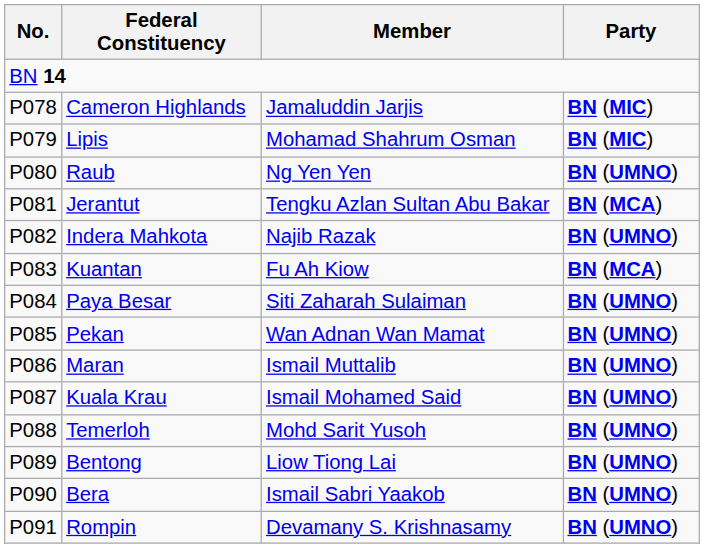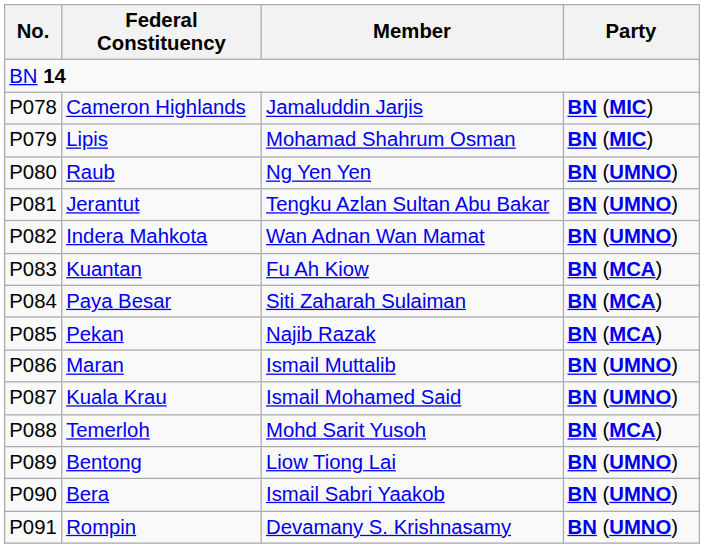 <table class="wikitable sortable">
 <tr>
 <th style="width:30px;">No.</th>
 <th style="width:150px;">Federal Constituency</th>
 <th style="width:230px;">Member</th>
 <th style="width:100px;">Party</th>
 </tr>
 <tr>
 <td colspan="4"><a href='#'>BN</a> <strong>14</strong></td>
 </tr>
 <tr>
 <td>P078</td>
 <td><a href='#'>Cameron Highlands</a></td>
 <td><a href='#'>Jamaluddin Jarjis</a></td>
 <td><strong><a href='#'>BN</a></strong> (<strong><a href='#'>MIC</a></strong>)</td>
 </tr>
 <tr>
 <td>P079</td>
 <td><a href='#'>Lipis</a></td>
 <td><a href='#'>Mohamad Shahrum Osman</a></td>
 <td><strong><a href='#'>BN</a></strong> (<strong><a href='#'>MIC</a></strong>)</td>
 </tr>
 <tr>
 <td>P080</td>
 <td><a href='#'>Raub</a></td>
 <td><a href='#'>Ng Yen Yen</a></td>
 <td><strong><a href='#'>BN</a></strong> (<strong><a href='#'>UMNO</a></strong>)</td>
 </tr>
 <tr>
 <td>P081</td>
 <td><a href='#'>Jerantut</a></td>
 <td><a href='#'>Tengku Azlan Sultan Abu Bakar</a></td>
-<td><strong><a href='#'>BN</a></strong> (<strong><a href='#'>MCA</a></strong>)</td>
+<td><strong><a href='#'>BN</a></strong> (<strong><a href='#'>UMNO</a></strong>)</td>
 </tr>
 <tr>
 <td>P082</td>
 <td><a href='#'>Indera Mahkota</a></td>
-<td><a href='#'>Najib Razak</a></td>
+<td><a href='#'>Wan Adnan Wan Mamat</a></td>
 <td><strong><a href='#'>BN</a></strong> (<strong><a href='#'>UMNO</a></strong>)</td>
 </tr>
 <tr>
 <td>P083</td>
 <td><a href='#'>Kuantan</a></td>
 <td><a href='#'>Fu Ah Kiow</a></td>
 <td><strong><a href='#'>BN</a></strong> (<strong><a href='#'>MCA</a></strong>)</td>
 </tr>
 <tr>
 <td>P084</td>
 <td><a href='#'>Paya Besar</a></td>
 <td><a href='#'>Siti Zaharah Sulaiman</a></td>
-<td><strong><a href='#'>BN</a></strong> (<strong><a href='#'>UMNO</a></strong>)</td>
+<td><strong><a href='#'>BN</a></strong> (<strong><a href='#'>MCA</a></strong>)</td>
 </tr>
 <tr>
 <td>P085</td>
 <td><a href='#'>Pekan</a></td>
-<td><a href='#'>Wan Adnan Wan Mamat</a></td>
-<td><strong><a href='#'>BN</a></strong> (<strong><a href='#'>UMNO</a></strong>)</td>
+<td><a href='#'>Najib Razak</a></td>
+<td><strong><a href='#'>BN</a></strong> (<strong><a href='#'>MCA</a></strong>)</td>
 </tr>
 <tr>
 <td>P086</td>
 <td><a href='#'>Maran</a></td>
 <td><a href='#'>Ismail Muttalib</a></td>
 <td><strong><a href='#'>BN</a></strong> (<strong><a href='#'>UMNO</a></strong>)</td>
 </tr>
 <tr>
 <td>P087</td>
 <td><a href='#'>Kuala Krau</a></td>
 <td><a href='#'>Ismail Mohamed Said</a></td>
 <td><strong><a href='#'>BN</a></strong> (<strong><a href='#'>UMNO</a></strong>)</td>
 </tr>
 <tr>
 <td>P088</td>
 <td><a href='#'>Temerloh</a></td>
 <td><a href='#'>Mohd Sarit Yusoh</a></td>
-<td><strong><a href='#'>BN</a></strong> (<strong><a href='#'>UMNO</a></strong>)</td>
+<td><strong><a href='#'>BN</a></strong> (<strong><a href='#'>MCA</a></strong>)</td>
 </tr>
 <tr>
 <td>P089</td>
 <td><a href='#'>Bentong</a></td>
 <td><a href='#'>Liow Tiong Lai</a></td>
 <td><strong><a href='#'>BN</a></strong> (<strong><a href='#'>UMNO</a></strong>)</td>
 </tr>
 <tr>
 <td>P090</td>
 <td><a href='#'>Bera</a></td>
 <td><a href='#'>Ismail Sabri Yaakob</a></td>
 <td><strong><a href='#'>BN</a></strong> (<strong><a href='#'>UMNO</a></strong>)</td>
 </tr>
 <tr>
 <td>P091</td>
 <td><a href='#'>Rompin</a></td>
 <td><a href='#'>Devamany S. Krishnasamy</a></td>
 <td><strong><a href='#'>BN</a></strong> (<strong><a href='#'>UMNO</a></strong>)</td>
 </tr>
 </table>
